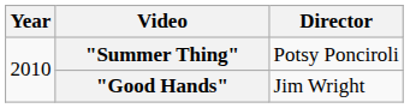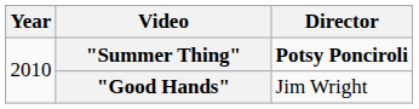 <table class="wikitable plainrowheaders">
 <tr>
 <th>Year</th>
 <th style="width:10em;">Video</th>
 <th>Director</th>
 </tr>
 <tr>
 <td rowspan="2">2010</td>
 <th scope="row">"Summer Thing"</th>
-<td>Potsy Ponciroli</td>
+<td><strong>Potsy Ponciroli</strong></td>
 </tr>
 <tr>
 <th scope="row">"Good Hands"</th>
 <td>Jim Wright</td>
 </tr>
 </table>
